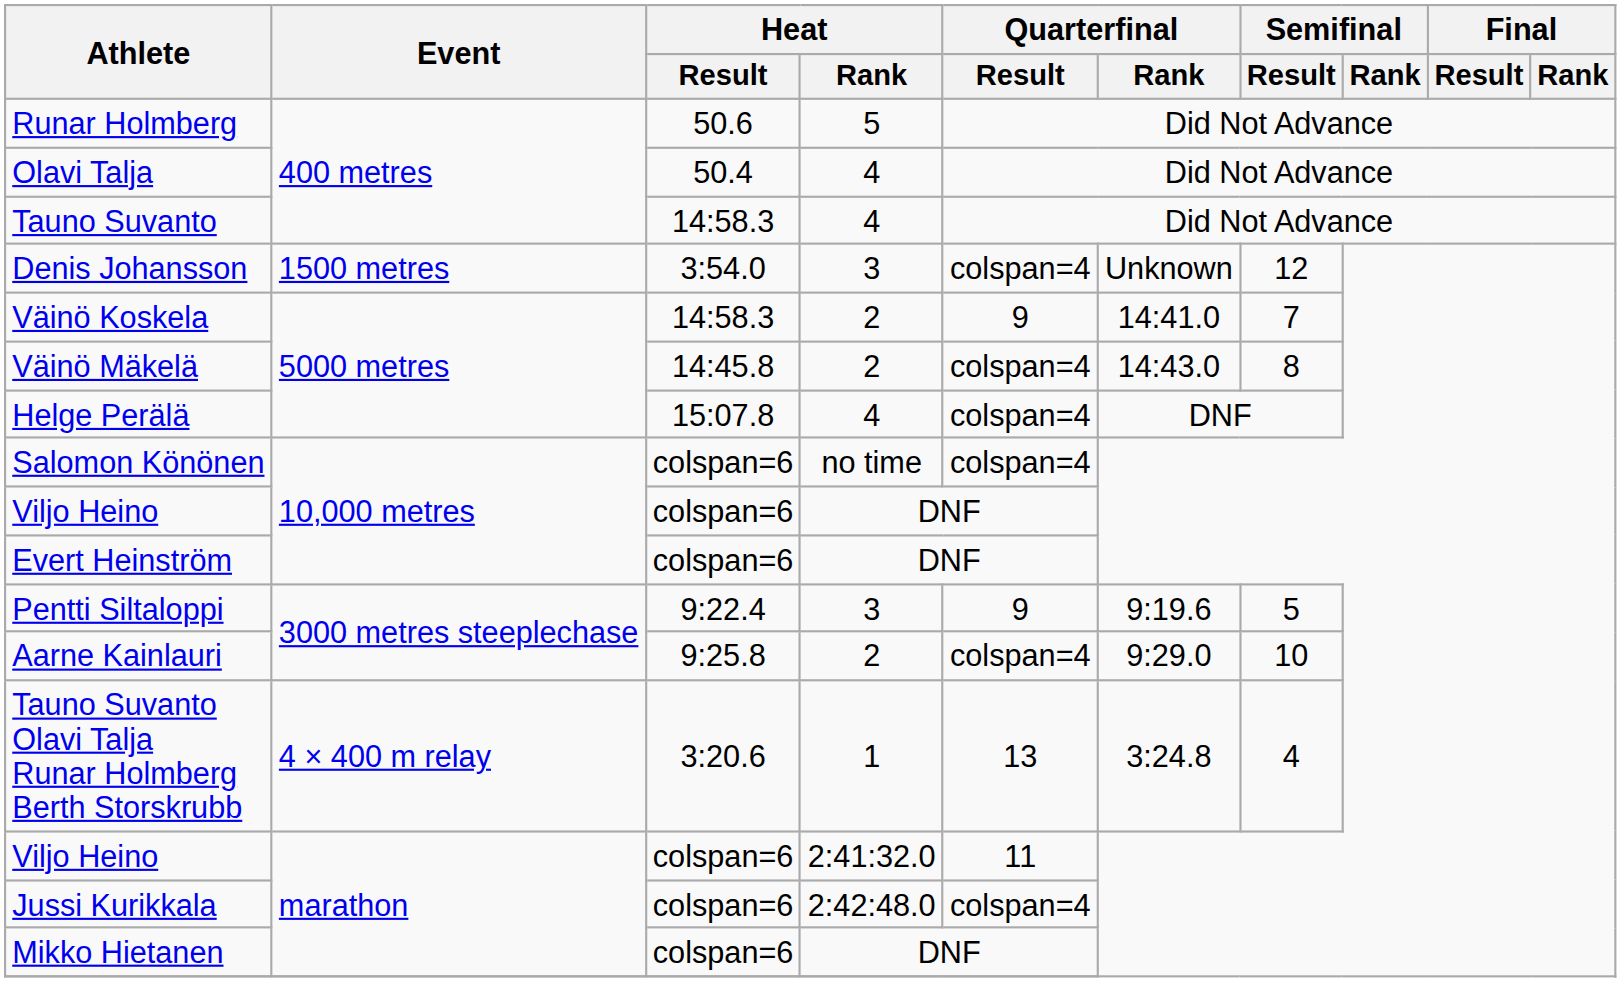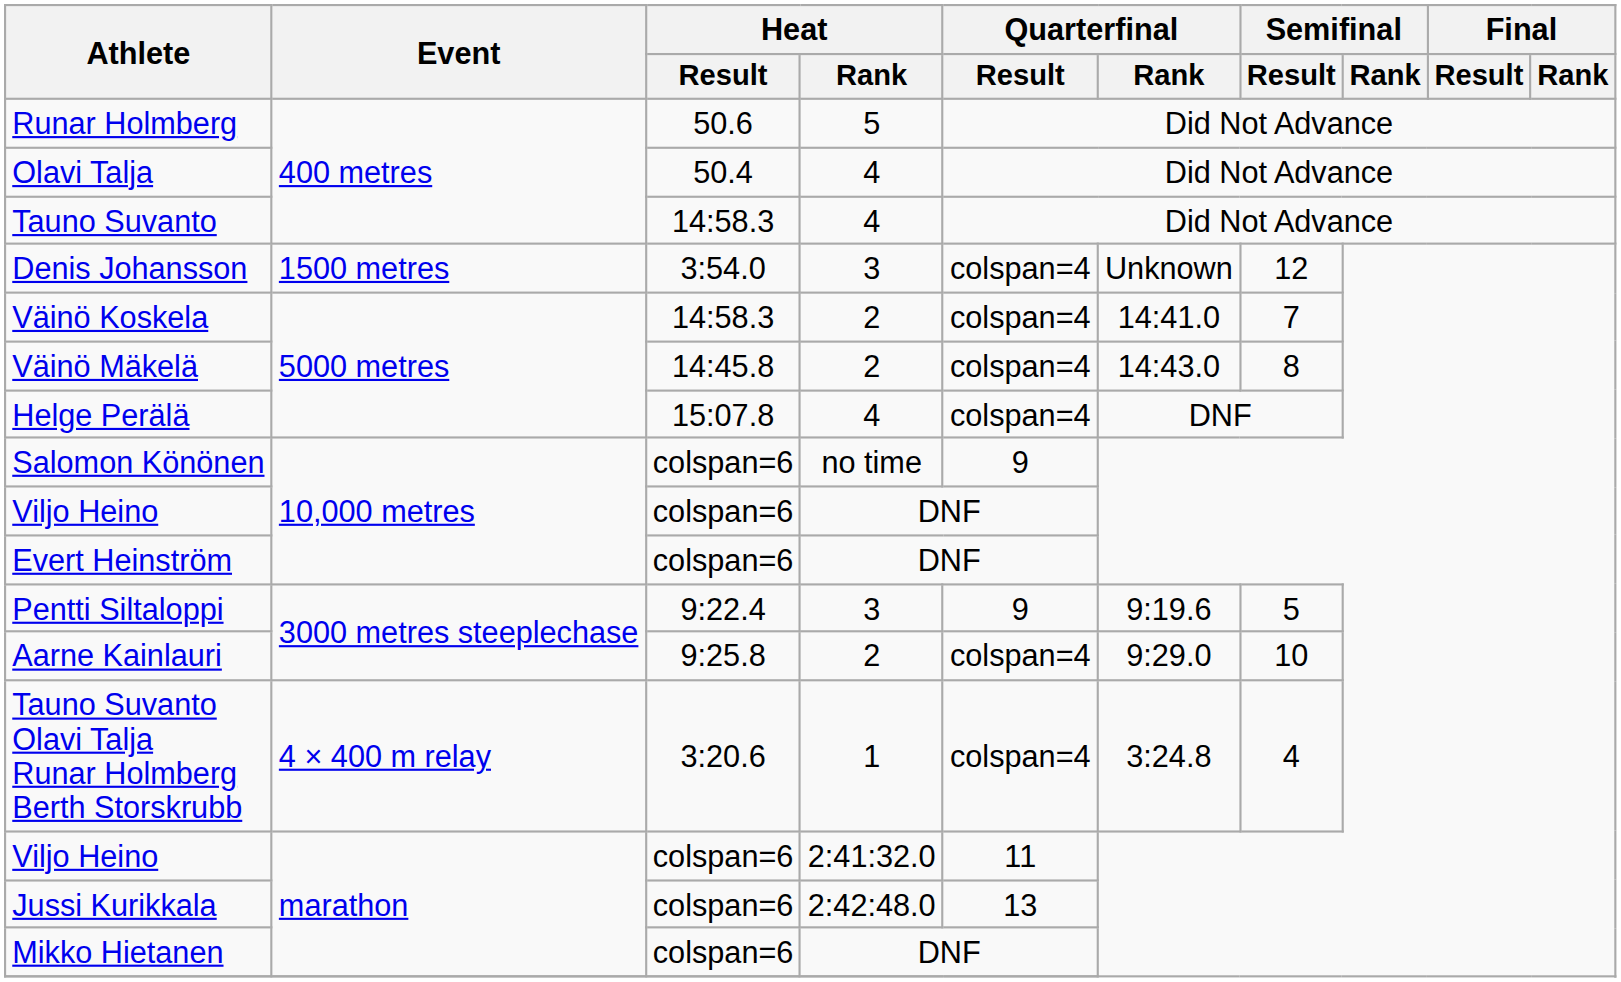 <table class=wikitable style="font-size:90%">
 <tr>
 <th rowspan="2">Athlete</th>
 <th rowspan="2">Event</th>
 <th colspan="2">Heat</th>
 <th colspan="2">Quarterfinal</th>
 <th colspan="2">Semifinal</th>
 <th colspan="2">Final</th>
 </tr>
 <tr style="font-size:95%">
 <th>Result</th>
 <th>Rank</th>
 <th>Result</th>
 <th>Rank</th>
 <th>Result</th>
 <th>Rank</th>
 <th>Result</th>
 <th>Rank</th>
 </tr>
 <tr align=center>
 <td align=left><a href='#'>Runar Holmberg</a></td>
 <td align=left rowspan=3><a href='#'>400 metres</a></td>
 <td>50.6</td>
 <td>5</td>
 <td colspan=6>Did Not Advance</td>
 </tr>
 <tr align=center>
 <td align=left><a href='#'>Olavi Talja</a></td>
 <td>50.4</td>
 <td>4</td>
 <td colspan=6>Did Not Advance</td>
 </tr>
 <tr align=center>
 <td align=left><a href='#'>Tauno Suvanto</a></td>
 <td>14:58.3</td>
 <td>4</td>
 <td colspan=6>Did Not Advance</td>
 </tr>
 <tr align=center>
 <td align=left><a href='#'>Denis Johansson</a></td>
 <td align=left><a href='#'>1500 metres</a></td>
 <td>3:54.0</td>
 <td>3</td>
 <td>colspan=4 </td>
 <td>Unknown</td>
 <td>12</td>
 </tr>
 <tr align=center>
 <td align=left><a href='#'>Väinö Koskela</a></td>
 <td align=left rowspan=3><a href='#'>5000 metres</a></td>
 <td>14:58.3</td>
 <td>2</td>
-<td>9</td>
+<td>colspan=4 </td>
 <td>14:41.0</td>
 <td>7</td>
 </tr>
 <tr align=center>
 <td align=left><a href='#'>Väinö Mäkelä</a></td>
 <td>14:45.8</td>
 <td>2</td>
 <td>colspan=4 </td>
 <td>14:43.0</td>
 <td>8</td>
 </tr>
 <tr align=center>
 <td align=left><a href='#'>Helge Perälä</a></td>
 <td>15:07.8</td>
 <td>4</td>
 <td>colspan=4 </td>
 <td colspan=2>DNF</td>
 </tr>
 <tr align=center>
 <td align=left><a href='#'>Salomon Könönen</a></td>
 <td align=left rowspan=3><a href='#'>10,000 metres</a></td>
 <td>colspan=6 </td>
 <td>no time</td>
-<td>colspan=4 </td>
+<td>9</td>
 </tr>
 <tr align=center>
 <td align=left><a href='#'>Viljo Heino</a></td>
 <td>colspan=6 </td>
 <td colspan=2>DNF</td>
 </tr>
 <tr align=center>
 <td align=left><a href='#'>Evert Heinström</a></td>
 <td>colspan=6 </td>
 <td colspan=2>DNF</td>
 </tr>
 <tr align=center>
 <td align=left><a href='#'>Pentti Siltaloppi</a></td>
 <td align=left rowspan=2><a href='#'>3000 metres steeplechase</a></td>
 <td>9:22.4</td>
 <td>3</td>
 <td>9</td>
 <td>9:19.6</td>
 <td>5</td>
 </tr>
 <tr align=center>
 <td align=left><a href='#'>Aarne Kainlauri</a></td>
 <td>9:25.8</td>
 <td>2</td>
 <td>colspan=4 </td>
 <td>9:29.0</td>
 <td>10</td>
 </tr>
 <tr align=center>
 <td align=left><a href='#'>Tauno Suvanto</a><br><a href='#'>Olavi Talja</a><br><a href='#'>Runar Holmberg</a><br><a href='#'>Berth Storskrubb</a></td>
 <td align=left><a href='#'>4 × 400 m relay</a></td>
 <td>3:20.6</td>
 <td>1</td>
-<td>13</td>
+<td>colspan=4 </td>
 <td>3:24.8</td>
 <td>4</td>
 </tr>
 <tr align=center>
 <td align=left><a href='#'>Viljo Heino</a></td>
 <td align=left rowspan=3><a href='#'>marathon</a></td>
 <td>colspan=6 </td>
 <td>2:41:32.0</td>
 <td>11</td>
 </tr>
 <tr align=center>
 <td align=left><a href='#'>Jussi Kurikkala</a></td>
 <td>colspan=6 </td>
 <td>2:42:48.0</td>
-<td>colspan=4 </td>
+<td>13</td>
 </tr>
 <tr align=center>
 <td align=left><a href='#'>Mikko Hietanen</a></td>
 <td>colspan=6 </td>
 <td colspan=2>DNF</td>
 </tr>
 <tr align=center>
 </tr>
 </table>
